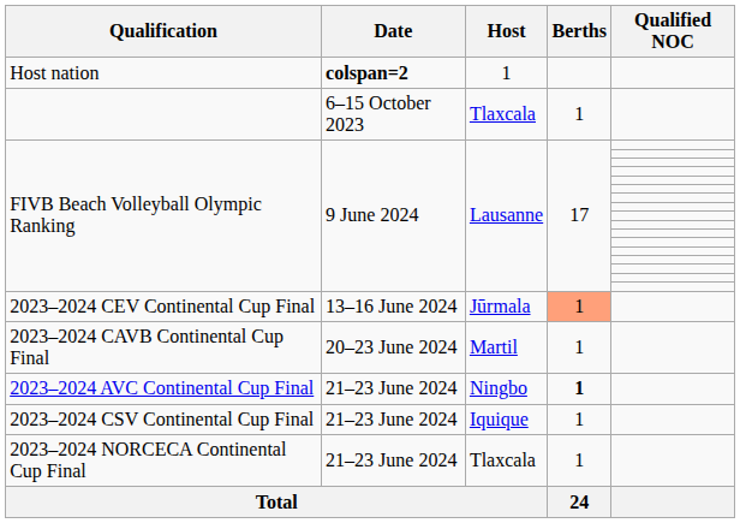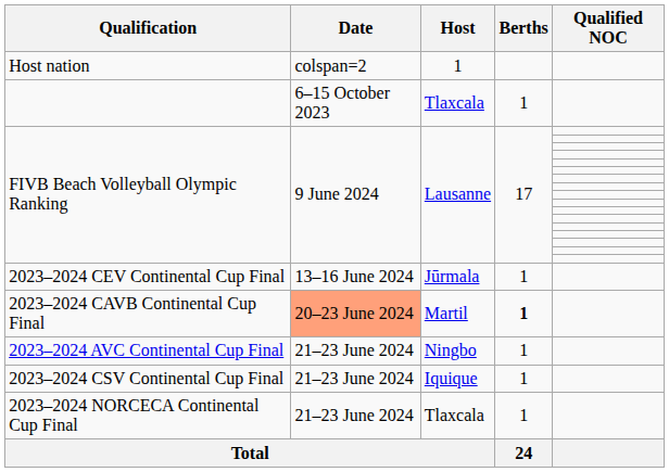 <table class="wikitable">
 <tr>
 <th>Qualification</th>
 <th>Date</th>
 <th>Host</th>
 <th>Berths</th>
 <th>Qualified NOC</th>
 </tr>
 <tr>
 <td>Host nation</td>
-<td><strong>colspan=2 </strong></td>
+<td>colspan=2 </td>
 <td style="text-align:center">1</td>
 <td></td>
 </tr>
 <tr>
 <td></td>
 <td>6–15 October 2023</td>
 <td> <a href='#'>Tlaxcala</a></td>
 <td align=center>1</td>
 <td></td>
 </tr>
 <tr>
 <td rowspan=17>FIVB Beach Volleyball Olympic Ranking</td>
 <td rowspan=17>9 June 2024</td>
 <td rowspan=17> <a href='#'>Lausanne</a></td>
 <td rowspan=17 align=center>17</td>
 <td></td>
 </tr>
 <tr>
 <td></td>
 </tr>
 <tr>
 <td></td>
 </tr>
 <tr>
 <td></td>
 </tr>
 <tr>
 <td></td>
 </tr>
 <tr>
 <td></td>
 </tr>
 <tr>
 <td></td>
 </tr>
 <tr>
 <td></td>
 </tr>
 <tr>
 <td></td>
 </tr>
 <tr>
 <td></td>
 </tr>
 <tr>
 <td></td>
 </tr>
 <tr>
 <td></td>
 </tr>
 <tr>
 <td></td>
 </tr>
 <tr>
 <td></td>
 </tr>
 <tr>
 <td></td>
 </tr>
 <tr>
 <td></td>
 </tr>
 <tr>
 <td></td>
 </tr>
 <tr>
 <td>2023–2024 CEV Continental Cup Final</td>
 <td>13–16 June 2024</td>
 <td> <a href='#'>Jūrmala</a></td>
-<td style="background: lightsalmon; text-align:center;">1</td>
+<td style="text-align:center;">1</td>
 <td></td>
 </tr>
 <tr>
 <td>2023–2024 CAVB Continental Cup Final</td>
-<td>20–23 June 2024</td>
+<td style="background: lightsalmon;">20–23 June 2024</td>
 <td> <a href='#'>Martil</a></td>
-<td style="text-align:center;">1</td>
+<td style="text-align:center;"><strong>1</strong></td>
 <td></td>
 </tr>
 <tr>
 <td><a href='#'>2023–2024 AVC Continental Cup Final</a></td>
 <td>21–23 June 2024</td>
 <td> <a href='#'>Ningbo</a></td>
-<td style="text-align:center;"><strong>1</strong></td>
+<td style="text-align:center;">1</td>
 <td></td>
 </tr>
 <tr>
 <td>2023–2024 CSV Continental Cup Final</td>
 <td>21–23 June 2024</td>
 <td> <a href='#'>Iquique</a></td>
 <td style="text-align:center;">1</td>
 <td></td>
 </tr>
 <tr>
 <td>2023–2024 NORCECA Continental Cup Final</td>
 <td>21–23 June 2024</td>
 <td> Tlaxcala</td>
 <td style="text-align:center;">1</td>
 <td></td>
 </tr>
 <tr>
 <th colspan="3">Total</th>
 <th>24</th>
 <th></th>
 </tr>
 </table>
